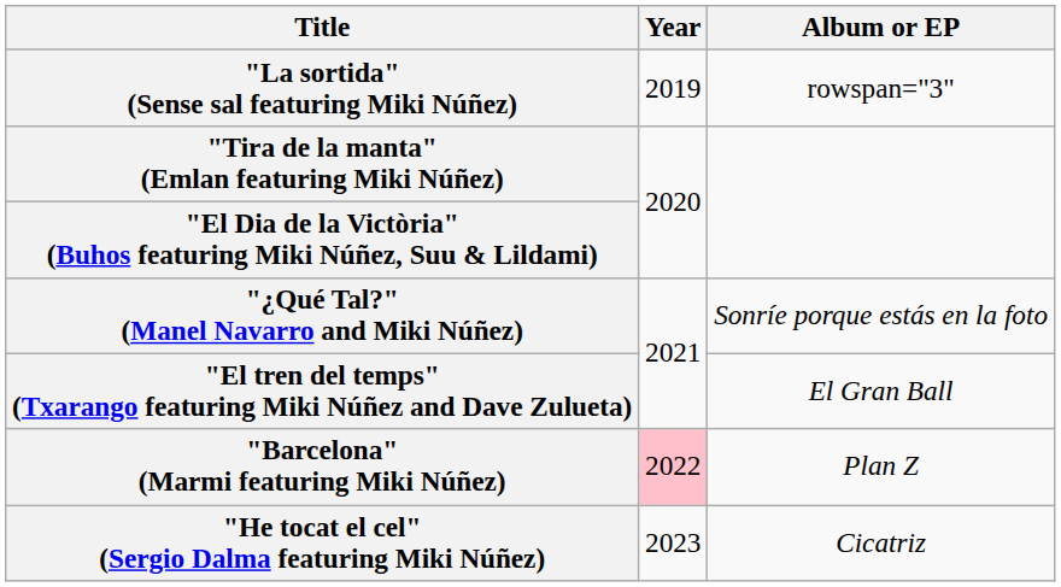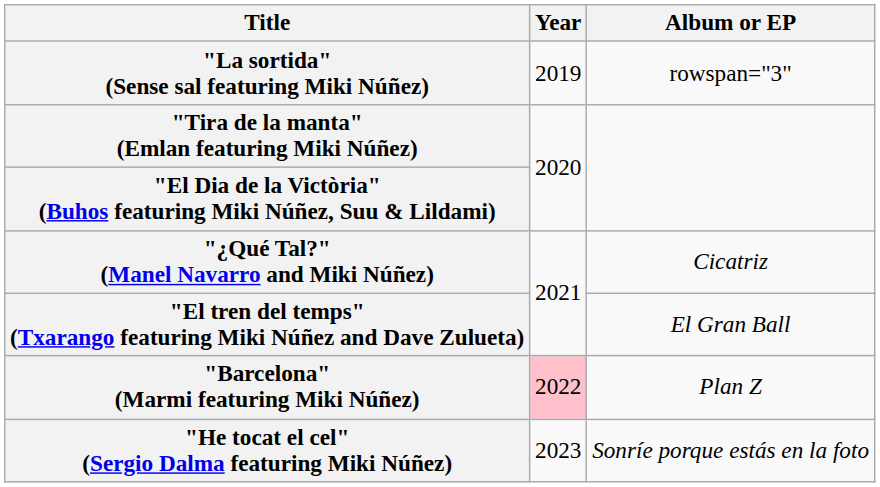 <table class="wikitable plainrowheaders" style="text-align:center;">
 <tr>
 <th scope="col">Title</th>
 <th scope="col">Year</th>
 <th scope="col">Album or EP</th>
 </tr>
 <tr>
 <th scope="row">"La sortida"<br><span>(Sense sal featuring Miki Núñez)</span></th>
 <td>2019</td>
 <td>rowspan="3" </td>
 </tr>
 <tr>
 <th scope="row">"Tira de la manta"<br><span>(Emlan featuring Miki Núñez)</span></th>
 <td rowspan="2">2020</td>
 </tr>
 <tr>
 <th scope="row">"El Dia de la Victòria"<br><span>(<a href='#'>Buhos</a> featuring Miki Núñez, Suu & Lildami)</span></th>
 </tr>
 <tr>
 <th scope="row">"¿Qué Tal?"<br><span>(<a href='#'>Manel Navarro</a> and Miki Núñez)</span></th>
 <td rowspan="2">2021</td>
-<td><em>Sonríe porque estás en la foto</em></td>
+<td><em>Cicatriz</em></td>
 </tr>
 <tr>
 <th scope="row">"El tren del temps"<br><span>(<a href='#'>Txarango</a> featuring Miki Núñez and Dave Zulueta)</span></th>
 <td><em>El Gran Ball</em></td>
 </tr>
 <tr>
 <th scope="row">"Barcelona"<br><span>(Marmi featuring Miki Núñez)</span></th>
 <td style="background: pink;">2022</td>
 <td><em>Plan Z</em></td>
 </tr>
 <tr>
 <th scope="row">"He tocat el cel"<br><span>(<a href='#'>Sergio Dalma</a> featuring Miki Núñez)</span></th>
 <td>2023</td>
-<td><em>Cicatriz</em></td>
+<td><em>Sonríe porque estás en la foto</em></td>
 </tr>
 </table>
